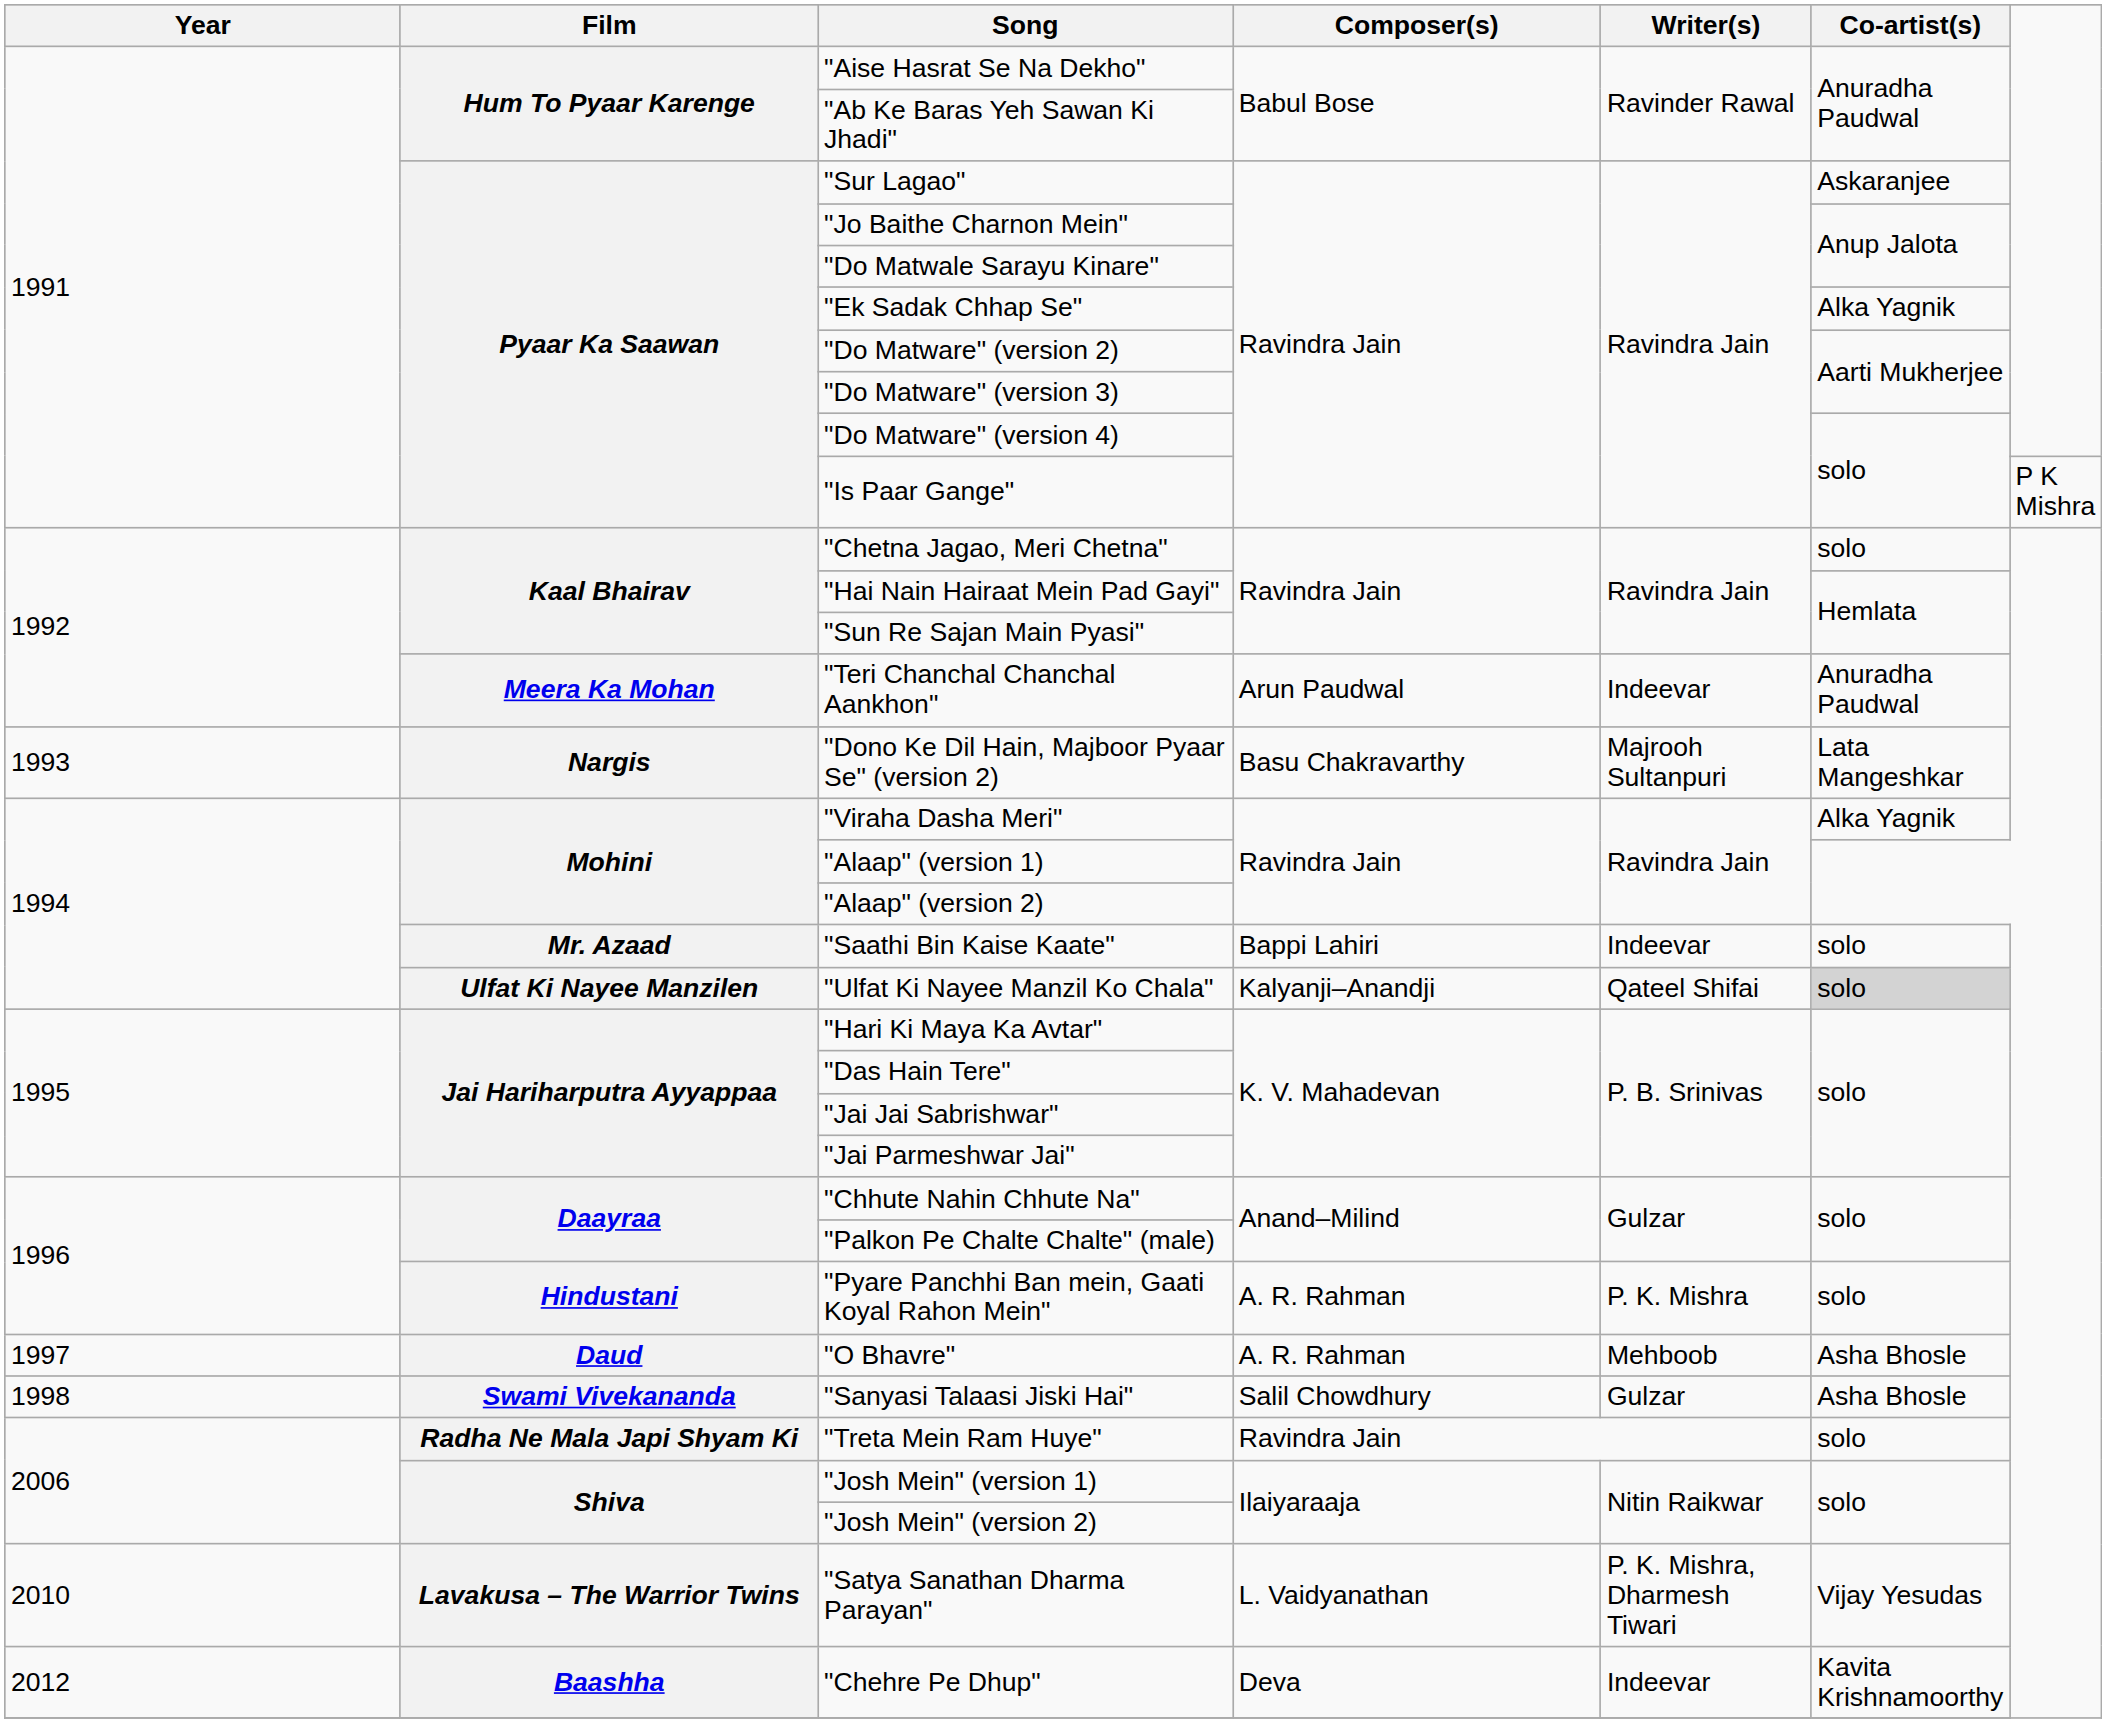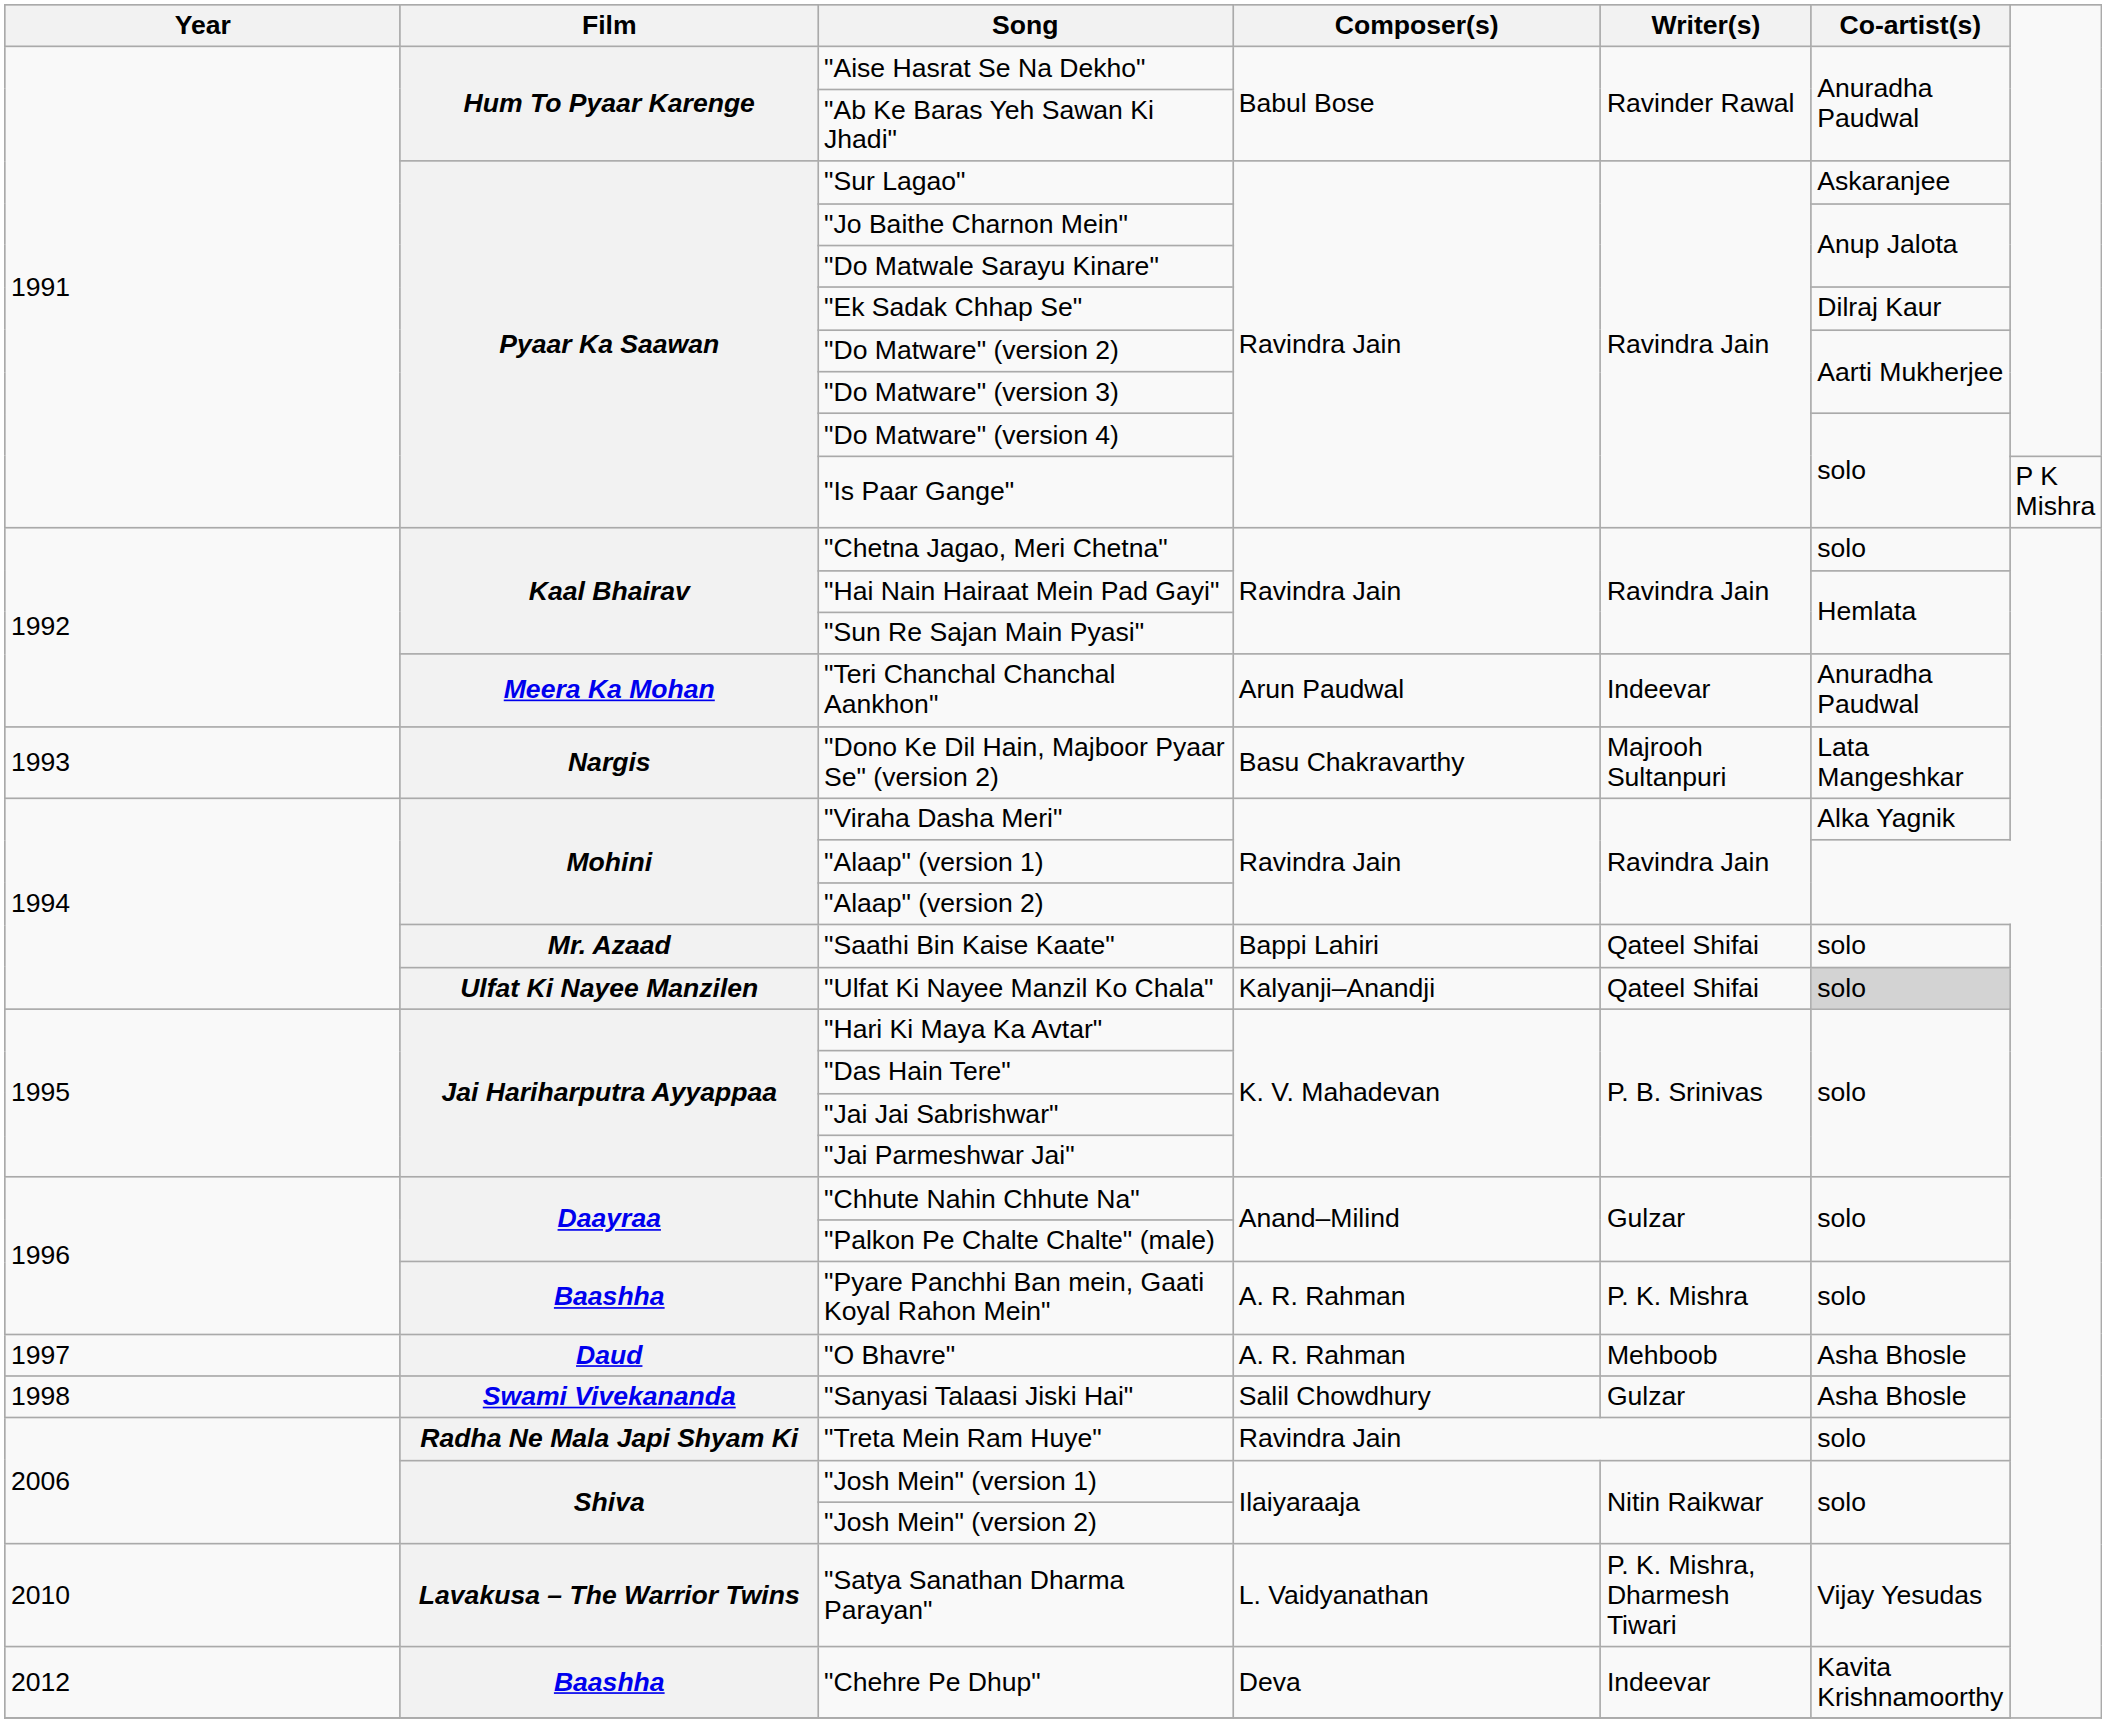 <table class="wikitable plainrowheaders" style="width:100%;" textcolor:#000;">
 <tr style="background:#b0e0e66;">
 <th scope="col" style="width:23%;"><strong>Year</strong></th>
 <th scope="col" style="width:23%;"><strong>Film</strong></th>
 <th scope="col" style="width:23%;"><strong>Song</strong></th>
 <th scope="col" style="width:20%;"><strong>Composer(s)</strong></th>
 <th scope="col" style="width:16%;"><strong>Writer(s)</strong></th>
 <th scope="col" style="width:18%;"><strong>Co-artist(s)</strong></th>
 </tr>
 <tr>
 <td rowspan=10>1991</td>
 <th rowspan=2><em>Hum To Pyaar Karenge</em></th>
 <td>"Aise Hasrat Se Na Dekho"</td>
 <td rowspan=2>Babul Bose</td>
 <td rowspan=2>Ravinder Rawal</td>
 <td rowspan=2>Anuradha Paudwal</td>
 </tr>
 <tr>
 <td>"Ab Ke Baras Yeh Sawan Ki Jhadi"</td>
 </tr>
 <tr>
 <th rowspan=8><em>Pyaar Ka Saawan</em></th>
 <td>"Sur Lagao"</td>
 <td rowspan=8>Ravindra Jain</td>
 <td Rowspan=8>Ravindra Jain</td>
 <td>Askaranjee</td>
 </tr>
 <tr>
 <td>"Jo Baithe Charnon Mein"</td>
 <td rowspan=2>Anup Jalota</td>
 </tr>
 <tr>
 <td>"Do Matwale Sarayu Kinare"</td>
 </tr>
 <tr>
 <td>"Ek Sadak Chhap Se"</td>
-<td>Alka Yagnik</td>
+<td>Dilraj Kaur</td>
 </tr>
 <tr>
 <td>"Do Matware" (version 2)</td>
 <td rowspan=2>Aarti Mukherjee</td>
 </tr>
 <tr>
 <td>"Do Matware" (version 3)</td>
 </tr>
 <tr>
 <td>"Do Matware" (version 4)</td>
 <td rowspan=2>solo</td>
 </tr>
 <tr>
 <td>"Is Paar Gange"</td>
 <td>P K Mishra</td>
 </tr>
 <tr>
 <td rowspan=4>1992</td>
 <th rowspan=3><em>Kaal Bhairav</em></th>
 <td>"Chetna Jagao, Meri Chetna"</td>
 <td rowspan=3>Ravindra Jain</td>
 <td Rowspan=3>Ravindra Jain</td>
 <td>solo</td>
 </tr>
 <tr>
 <td>"Hai Nain Hairaat Mein Pad Gayi"</td>
 <td rowspan=2>Hemlata</td>
 </tr>
 <tr>
 <td>"Sun Re Sajan Main Pyasi"</td>
 </tr>
 <tr>
 <th Rowspan=><em><a href='#'>Meera Ka Mohan</a></em></th>
 <td>"Teri Chanchal Chanchal Aankhon"</td>
 <td rowspan=>Arun Paudwal</td>
 <td rowspan=>Indeevar</td>
 <td>Anuradha Paudwal</td>
 </tr>
 <tr>
 <td rowspan=1>1993</td>
 <th><em>Nargis</em></th>
 <td>"Dono Ke Dil Hain, Majboor Pyaar Se" (version 2)</td>
 <td>Basu Chakravarthy</td>
 <td>Majrooh Sultanpuri</td>
 <td>Lata Mangeshkar</td>
 </tr>
 <tr>
 <td rowspan=5>1994</td>
 <th Rowspan=3><em>Mohini</em></th>
 <td>"Viraha Dasha Meri"</td>
 <td Rowspan=3>Ravindra Jain</td>
 <td rowspan=3>Ravindra Jain</td>
 <td>Alka Yagnik</td>
 </tr>
 <tr>
 <td>"Alaap" (version 1)</td>
 </tr>
 <tr>
 <td>"Alaap" (version 2)</td>
 </tr>
 <tr>
 <th><em>Mr. Azaad</em></th>
 <td>"Saathi Bin Kaise Kaate"</td>
 <td>Bappi Lahiri</td>
-<td>Indeevar</td>
+<td>Qateel Shifai</td>
 <td>solo</td>
 </tr>
 <tr>
 <th><em>Ulfat Ki Nayee Manzilen</em></th>
 <td>"Ulfat Ki Nayee Manzil Ko Chala"</td>
 <td>Kalyanji–Anandji</td>
 <td>Qateel Shifai</td>
 <td style="background: lightgrey;">solo</td>
 </tr>
 <tr>
 <td rowspan=4>1995</td>
 <th rowspan=4><em>Jai Hariharputra Ayyappaa</em></th>
 <td>"Hari Ki Maya Ka Avtar"</td>
 <td rowspan=4>K. V. Mahadevan</td>
 <td rowspan=4>P. B. Srinivas</td>
 <td rowspan=4>solo</td>
 </tr>
 <tr>
 <td>"Das Hain Tere"</td>
 </tr>
 <tr>
 <td>"Jai Jai Sabrishwar"</td>
 </tr>
 <tr>
 <td>"Jai Parmeshwar Jai"</td>
 </tr>
 <tr>
 <td rowspan=3>1996</td>
 <th rowspan=2><em><a href='#'>Daayraa</a></em></th>
 <td>"Chhute Nahin Chhute Na"</td>
 <td rowspan=2>Anand–Milind</td>
 <td rowspan=2>Gulzar</td>
 <td rowspan=2>solo</td>
 </tr>
 <tr>
 <td>"Palkon Pe Chalte Chalte" (male)</td>
 </tr>
 <tr>
-<th><em><a href='#'>Hindustani</a></em></th>
+<th><em><a href='#'>Baashha</a></em></th>
 <td>"Pyare Panchhi Ban mein, Gaati Koyal Rahon Mein"</td>
 <td>A. R. Rahman</td>
 <td>P. K. Mishra</td>
 <td>solo</td>
 </tr>
 <tr>
 <td>1997</td>
 <th Rowspan=1><em><a href='#'>Daud</a></em></th>
 <td>"O Bhavre"</td>
 <td rowspan=1>A. R. Rahman</td>
 <td rowspan=1>Mehboob</td>
 <td>Asha Bhosle</td>
 </tr>
 <tr>
 <td>1998</td>
 <th><em><a href='#'>Swami Vivekananda</a></em></th>
 <td>"Sanyasi Talaasi Jiski Hai"</td>
 <td>Salil Chowdhury</td>
 <td>Gulzar</td>
 <td>Asha Bhosle</td>
 </tr>
 <tr>
 <td rowspan=3>2006</td>
 <th><em>Radha Ne Mala Japi Shyam Ki</em></th>
 <td>"Treta Mein Ram Huye"</td>
 <td colspan=2>Ravindra Jain</td>
 <td>solo</td>
 </tr>
 <tr>
 <th Rowspan=2><em>Shiva</em></th>
 <td>"Josh Mein" (version 1)</td>
 <td rowspan=2>Ilaiyaraaja</td>
 <td Rowspan=2>Nitin Raikwar</td>
 <td rowspan=2>solo</td>
 </tr>
 <tr>
 <td>"Josh Mein" (version 2)</td>
 </tr>
 <tr>
 <td rowspan=1>2010</td>
 <th><em>Lavakusa – The Warrior Twins</em></th>
 <td>"Satya Sanathan Dharma Parayan"</td>
 <td>L. Vaidyanathan</td>
 <td>P. K. Mishra, Dharmesh Tiwari</td>
 <td>Vijay Yesudas</td>
 </tr>
 <tr>
 <td>2012</td>
 <th><em><a href='#'>Baashha</a></em></th>
 <td>"Chehre Pe Dhup"</td>
 <td>Deva</td>
 <td>Indeevar</td>
 <td>Kavita Krishnamoorthy</td>
 </tr>
 <tr>
 </tr>
 </table>
